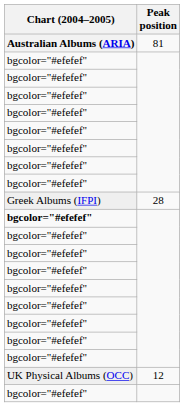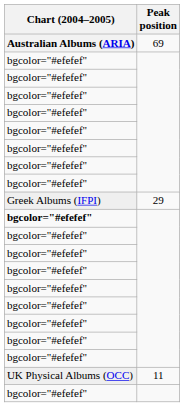 <table class="wikitable sortable plainrowheaders">
 <tr>
 <th>Chart (2004–2005)</th>
 <th>Peak<br>position</th>
 </tr>
 <tr>
 <th scope="row">Australian Albums (<a href='#'>ARIA</a>)</th>
-<td align="center">81</td>
+<td align="center">69</td>
 </tr>
 <tr>
 <td>bgcolor="#efefef" </td>
 </tr>
 <tr>
 <td>bgcolor="#efefef" </td>
 </tr>
 <tr>
 <td>bgcolor="#efefef" </td>
 </tr>
 <tr>
 <td>bgcolor="#efefef" </td>
 </tr>
 <tr>
 <td>bgcolor="#efefef" </td>
 </tr>
 <tr>
 <td>bgcolor="#efefef" </td>
 </tr>
 <tr>
 <td>bgcolor="#efefef" </td>
 </tr>
 <tr>
 <td>bgcolor="#efefef" </td>
 </tr>
 <tr>
 <td bgcolor="#efefef">Greek Albums (<a href='#'>IFPI</a>)</td>
-<td align="center">28</td>
+<td align="center">29</td>
 </tr>
 <tr>
 <td><strong>bgcolor="#efefef" </strong></td>
 </tr>
 <tr>
 <td>bgcolor="#efefef" </td>
 </tr>
 <tr>
 <td>bgcolor="#efefef" </td>
 </tr>
 <tr>
 <td>bgcolor="#efefef" </td>
 </tr>
 <tr>
 <td>bgcolor="#efefef" </td>
 </tr>
 <tr>
 <td>bgcolor="#efefef" </td>
 </tr>
 <tr>
 <td>bgcolor="#efefef" </td>
 </tr>
 <tr>
 <td>bgcolor="#efefef" </td>
 </tr>
 <tr>
 <td>bgcolor="#efefef" </td>
 </tr>
 <tr>
 <td bgcolor="#efefef">UK Physical Albums (<a href='#'>OCC</a>)</td>
-<td align="center">12</td>
+<td align="center">11</td>
 </tr>
 <tr>
 <td>bgcolor="#efefef" </td>
 </tr>
 </table>
